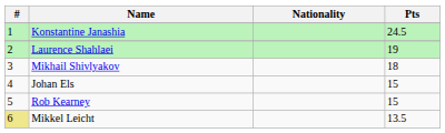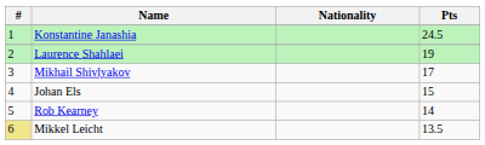 <table class="wikitable" style="display: inline-table; width: 50%;">
 <tr>
 <th>#</th>
 <th>Name</th>
 <th>Nationality</th>
 <th>Pts</th>
 </tr>
 <tr>
 </tr>
 <tr bgcolor=bbf3bb>
 <td>1</td>
 <td><a href='#'>Konstantine Janashia</a></td>
 <td></td>
 <td>24.5</td>
 </tr>
 <tr>
 </tr>
 <tr bgcolor=bbf3bb>
 <td>2</td>
 <td><a href='#'>Laurence Shahlaei</a></td>
 <td></td>
 <td>19</td>
 </tr>
 <tr>
 <td>3</td>
 <td><a href='#'>Mikhail Shivlyakov</a></td>
 <td></td>
-<td>18</td>
+<td>17</td>
 </tr>
 <tr>
 <td>4</td>
 <td>Johan Els</td>
 <td></td>
 <td>15</td>
 </tr>
 <tr>
 <td>5</td>
 <td><a href='#'>Rob Kearney</a></td>
 <td></td>
-<td>15</td>
+<td>14</td>
 </tr>
 <tr>
 <td style="background: khaki;">6</td>
 <td>Mikkel Leicht</td>
 <td></td>
 <td>13.5</td>
 </tr>
 </table>
